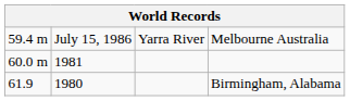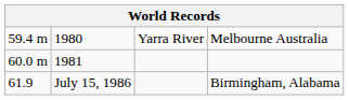 <table class="wikitable">
 <tr>
 <th colspan="4">World Records</th>
 </tr>
 <tr>
 <td>59.4 m</td>
-<td>July 15, 1986</td>
+<td>1980</td>
 <td>Yarra River</td>
 <td>Melbourne Australia</td>
 </tr>
 <tr>
 <td>60.0 m</td>
 <td>1981</td>
 <td></td>
 <td></td>
 </tr>
 <tr>
 <td>61.9</td>
-<td>1980</td>
+<td>July 15, 1986</td>
 <td></td>
 <td>Birmingham, Alabama</td>
 </tr>
 </table>
